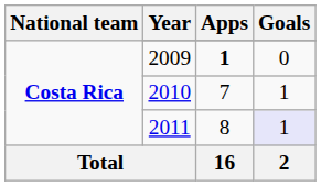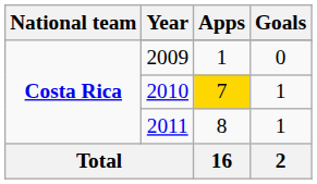 <table class="wikitable" style="font-size:90%; text-align: center">
 <tr>
 <th>National team</th>
 <th>Year</th>
 <th>Apps</th>
 <th>Goals</th>
 </tr>
 <tr>
 <td rowspan="4"><strong><a href='#'>Costa Rica</a></strong></td>
 </tr>
 <tr>
 <td>2009</td>
-<td><strong>1</strong></td>
+<td>1</td>
 <td>0</td>
 </tr>
 <tr>
 <td><a href='#'>2010</a></td>
-<td>7</td>
+<td style="background: gold;">7</td>
 <td>1</td>
 </tr>
 <tr>
 <td><a href='#'>2011</a></td>
 <td>8</td>
-<td style="background: lavender;">1</td>
+<td>1</td>
 </tr>
 <tr>
 <th colspan=2>Total</th>
 <th>16</th>
 <th>2</th>
 </tr>
 </table>
